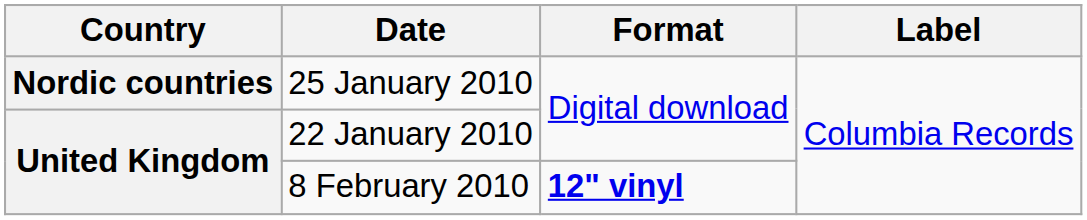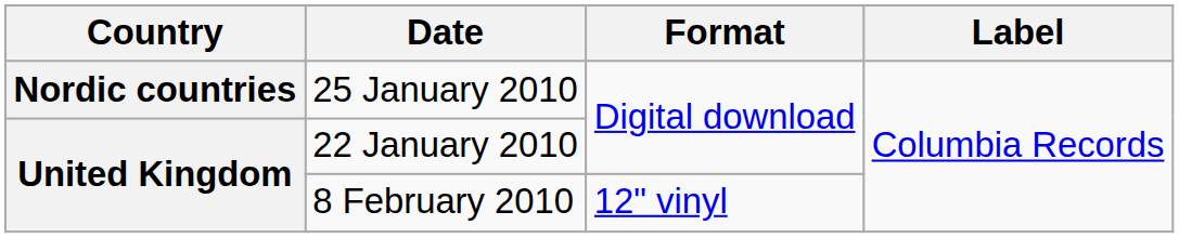 <table class="wikitable plainrowheaders">
 <tr>
 <th scope="col">Country</th>
 <th scope="col">Date</th>
 <th scope="col">Format</th>
 <th scope="col">Label</th>
 </tr>
 <tr>
 <th scope="row">Nordic countries</th>
 <td>25 January 2010</td>
 <td rowspan="2"><a href='#'>Digital download</a></td>
 <td rowspan="3"><a href='#'>Columbia Records</a></td>
 </tr>
 <tr>
 <th scope="row" rowspan="2">United Kingdom</th>
 <td>22 January 2010</td>
 </tr>
 <tr>
 <td>8 February 2010</td>
-<td><strong><a href='#'>12" vinyl</a></strong></td>
+<td><a href='#'>12" vinyl</a></td>
 </tr>
 </table>
